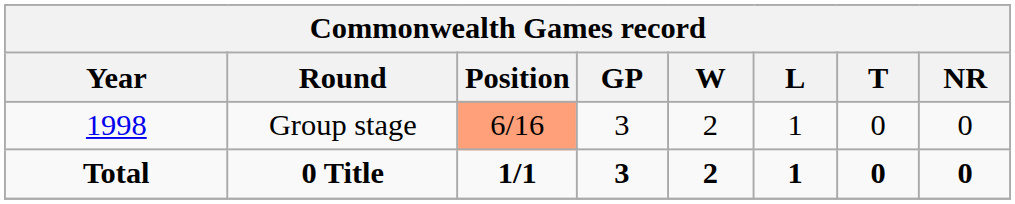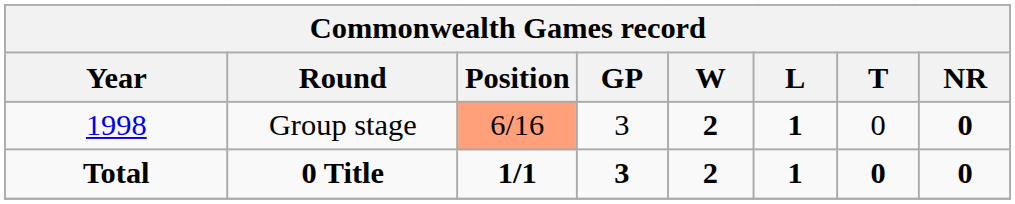 <table class="wikitable" style="text-align: center; width:85%">
 <tr>
 <th colspan="10">Commonwealth Games record</th>
 </tr>
 <tr>
 <th width="150">Year</th>
 <th width="150">Round</th>
 <th width="50">Position</th>
 <th width="50">GP</th>
 <th width="50">W</th>
 <th width="50">L</th>
 <th width="50">T</th>
 <th width="50">NR</th>
 </tr>
 <tr>
 <td> <a href='#'>1998</a></td>
 <td>Group stage</td>
 <td style="background: lightsalmon;">6/16</td>
 <td>3</td>
-<td>2</td>
-<td>1</td>
+<td><strong>2</strong></td>
+<td><strong>1</strong></td>
 <td>0</td>
-<td>0</td>
+<td><strong>0</strong></td>
 </tr>
 <tr>
 <td><strong>Total</strong></td>
 <td><strong>0 Title</strong></td>
 <td><strong>1/1</strong></td>
 <td><strong>3</strong></td>
 <td><strong>2</strong></td>
 <td><strong>1</strong></td>
 <td><strong>0</strong></td>
 <td><strong>0</strong></td>
 </tr>
 <tr>
 </tr>
 </table>
